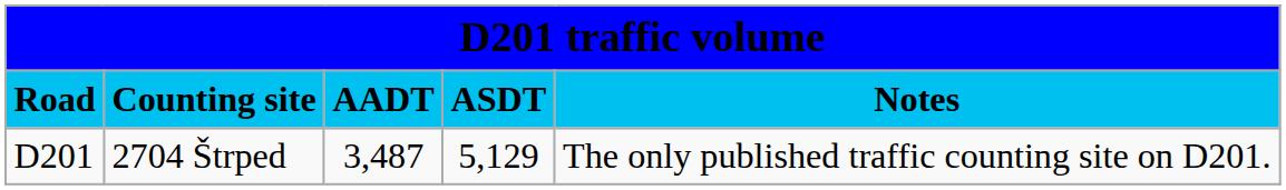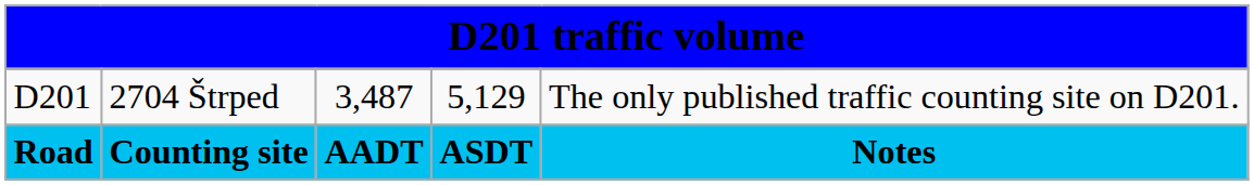 <table class="wikitable">
 <tr>
 <td colspan=5 bgcolor=blue align=center style=margin-top:15><span><big><strong>D201 traffic volume</strong></big></span></td>
+</tr>
+<tr>
+<td> D201</td>
+<td>2704 Štrped</td>
+<td align=center>3,487</td>
+<td align=center>5,129</td>
+<td>The only published traffic counting site on D201.</td>
 </tr>
 <tr>
 <td align=center bgcolor=00c0f0><strong>Road</strong></td>
 <td align=center bgcolor=00c0f0><strong>Counting site</strong></td>
 <td align=center bgcolor=00c0f0><strong>AADT</strong></td>
 <td align=center bgcolor=00c0f0><strong>ASDT</strong></td>
 <td align=center bgcolor=00c0f0><strong>Notes</strong></td>
 </tr>
-<tr>
-<td> D201</td>
-<td>2704 Štrped</td>
-<td align=center>3,487</td>
-<td align=center>5,129</td>
-<td>The only published traffic counting site on D201.</td>
-</tr>
 </table>
